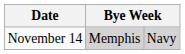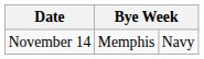 <table class="wikitable" style="font-size:95%;">
 <tr>
 <th>Date</th>
 <th colspan="8">Bye Week</th>
 </tr>
 <tr>
 <td>November 14</td>
-<td style="background: lightgrey;">Memphis</td>
-<td style="background: lightgrey;">Navy</td>
+<td>Memphis</td>
+<td>Navy</td>
 </tr>
 </table>
